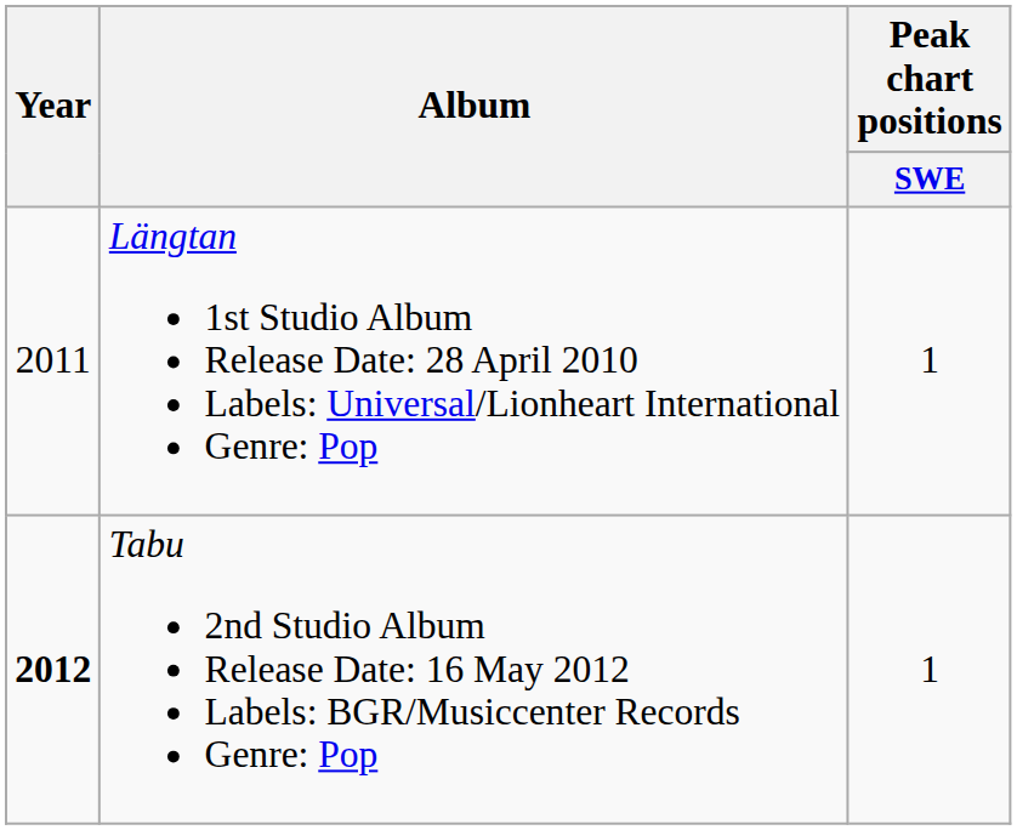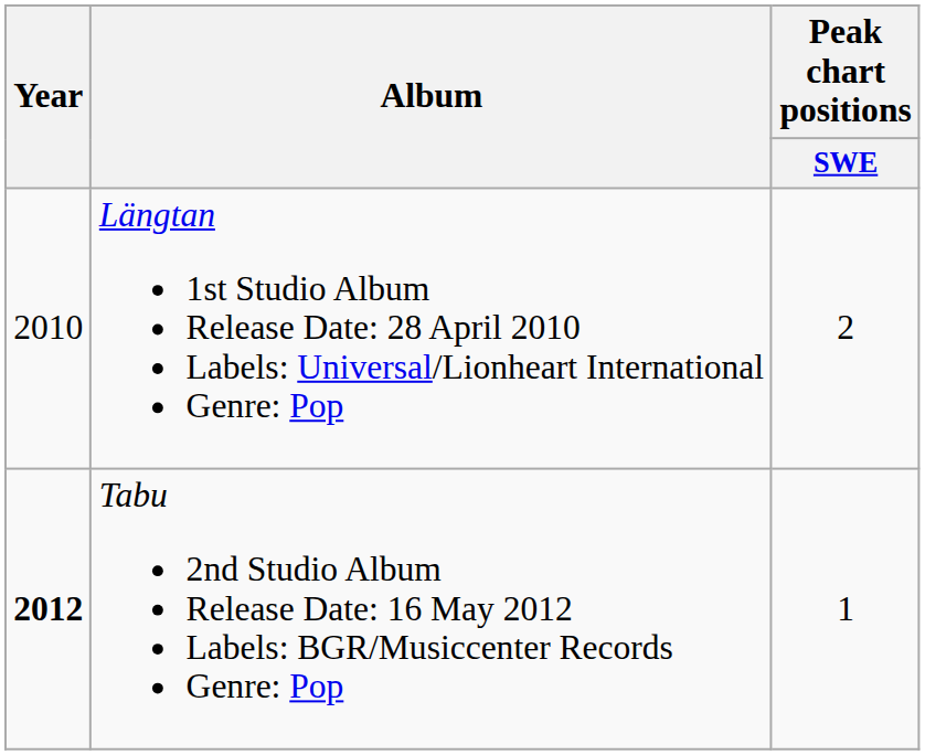 <table class="wikitable plainrowheaders" style="text-align:center;">
 <tr>
 <th rowspan=2>Year</th>
 <th rowspan=2>Album</th>
 <th colspan=1>Peak chart positions</th>
 </tr>
 <tr style="font-size:smaller;">
 <th width=35><a href='#'>SWE</a></th>
 </tr>
 <tr>
-<td>2011</td>
+<td>2010</td>
 <td align=left><em><a href='#'>Längtan</a></em><br><ul><li>1st Studio Album</li><li>Release Date: 28 April 2010</li><li>Labels: <a href='#'>Universal</a>/Lionheart International</li><li>Genre: <a href='#'>Pop</a></li></ul></td>
-<td>1<br></td>
+<td>2<br></td>
 </tr>
 <tr>
 <td><strong>2012</strong></td>
 <td align=left><em>Tabu</em><br><ul><li>2nd Studio Album</li><li>Release Date: 16 May 2012</li><li>Labels: BGR/Musiccenter Records</li><li>Genre: <a href='#'>Pop</a></li></ul></td>
 <td>1<br></td>
 </tr>
 </table>
